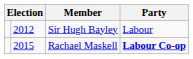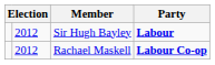 <table class="wikitable">
 <tr>
 <th colspan="2">Election</th>
 <th>Member</th>
 <th>Party</th>
 </tr>
 <tr>
 <td style="color:inherit;background-color: "></td>
 <td><a href='#'>2012</a></td>
 <td><a href='#'>Sir Hugh Bayley</a></td>
-<td><a href='#'>Labour</a></td>
+<td><strong><a href='#'>Labour</a></strong></td>
 </tr>
 <tr>
 <td style="color:inherit;background-color: "></td>
-<td><a href='#'>2015</a></td>
+<td><a href='#'>2012</a></td>
 <td><a href='#'>Rachael Maskell</a></td>
 <td><strong><a href='#'>Labour Co-op</a></strong></td>
 </tr>
 </table>
